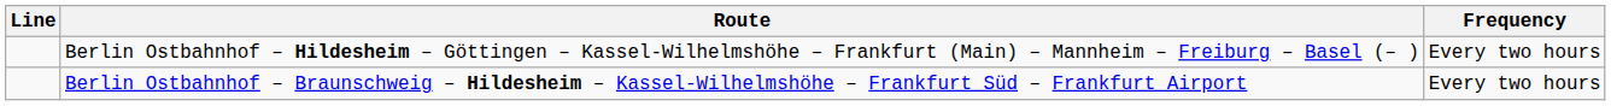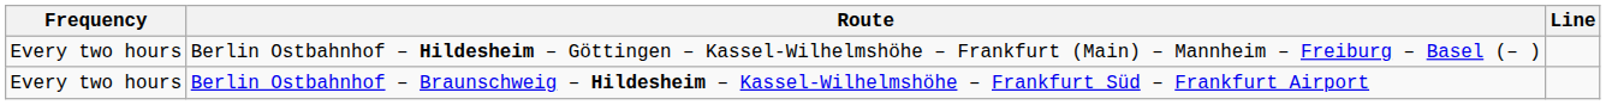 <table class="wikitable">
 <tr>
+<th>Frequency</th>
+<th>Route</th>
 <th>Line</th>
-<th>Route</th>
-<th>Frequency</th>
 </tr>
 <tr>
+<td>Every two hours</td>
+<td>Berlin Ostbahnhof – <strong>Hildesheim</strong> – Göttingen – Kassel-Wilhelmshöhe – Frankfurt (Main) – Mannheim – <a href='#'>Freiburg</a> – <a href='#'>Basel</a> (– )</td>
 <td align="center"></td>
-<td>Berlin Ostbahnhof – <strong>Hildesheim</strong> – Göttingen – Kassel-Wilhelmshöhe – Frankfurt (Main) – Mannheim – <a href='#'>Freiburg</a> – <a href='#'>Basel</a> (– )</td>
-<td>Every two hours</td>
 </tr>
 <tr>
+<td>Every two hours</td>
+<td><a href='#'>Berlin Ostbahnhof</a> – <a href='#'>Braunschweig</a> – <strong>Hildesheim</strong> – <a href='#'>Kassel-Wilhelmshöhe</a> – <a href='#'>Frankfurt Süd</a> – <a href='#'>Frankfurt Airport</a></td>
 <td align="center"></td>
-<td><a href='#'>Berlin Ostbahnhof</a> – <a href='#'>Braunschweig</a> – <strong>Hildesheim</strong> – <a href='#'>Kassel-Wilhelmshöhe</a> – <a href='#'>Frankfurt Süd</a> – <a href='#'>Frankfurt Airport</a></td>
-<td>Every two hours</td>
 </tr>
 </table>
